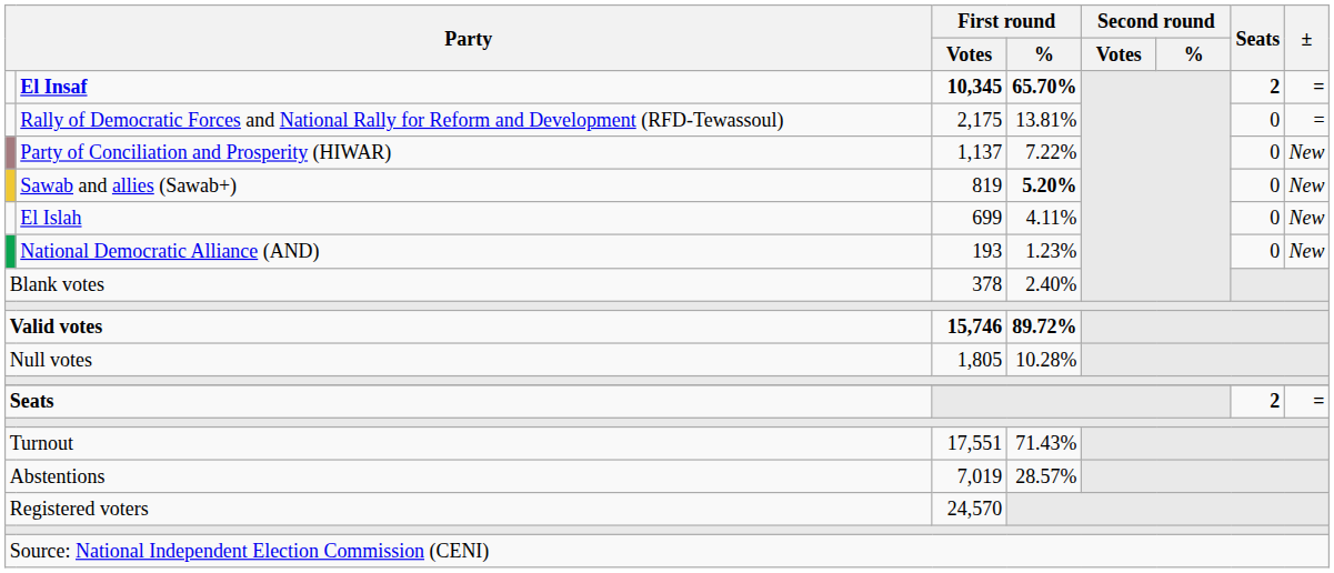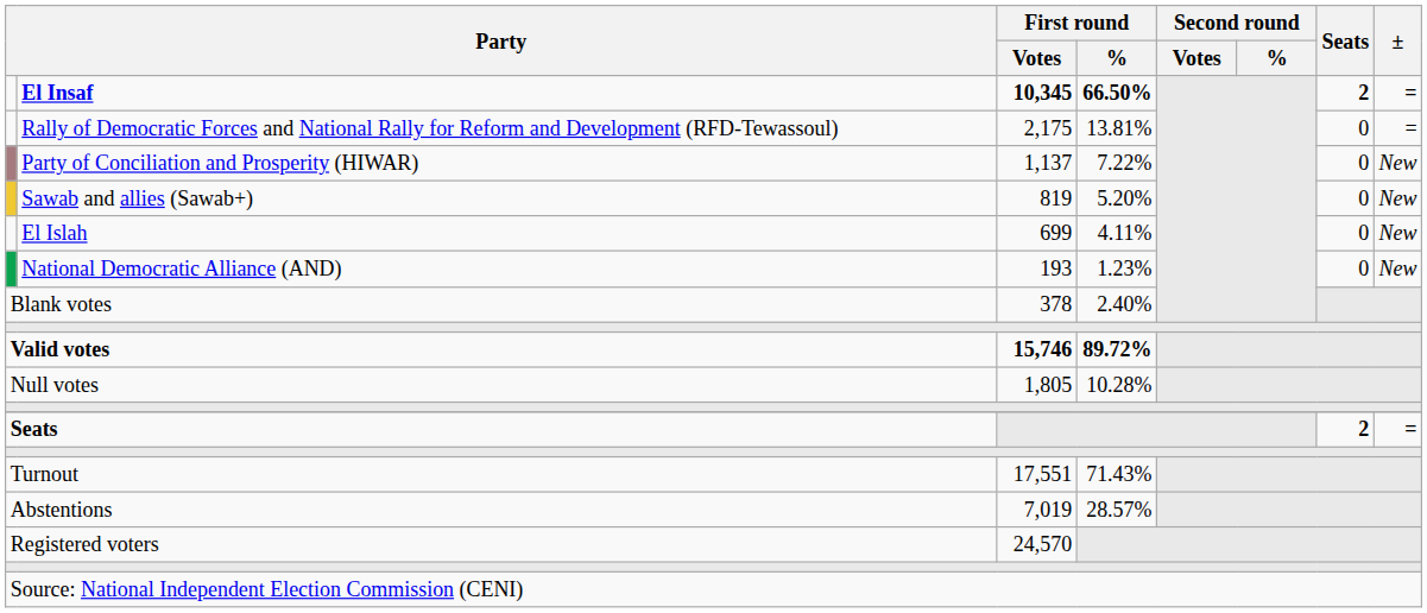 <table class="wikitable" style="text-align:right;font-size:95%;">
 <tr>
 <th rowspan="2" colspan="2" width="700">Party</th>
 <th colspan="2">First round</th>
 <th colspan="2">Second round</th>
 <th rowspan="2" width="25">Seats</th>
 <th rowspan="2" width="20">±</th>
 </tr>
 <tr>
 <th width="50">Votes</th>
 <th width="50">%</th>
 <th width="50">Votes</th>
 <th width="50">%</th>
 </tr>
 <tr>
 <td width="1" style="color:inherit;background:"></td>
 <td style="text-align:left;"><strong><a href='#'>El Insaf</a></strong></td>
 <td><strong>10,345</strong></td>
-<td><strong>65.70%</strong></td>
+<td><strong>66.50%</strong></td>
 <td colspan="2" rowspan="7" style="background:#E9E9E9;"></td>
 <td><strong>2</strong></td>
 <td><strong>=</strong></td>
 </tr>
 <tr>
 <td width="1" style="color:inherit;background:"></td>
 <td style="text-align:left;"><a href='#'>Rally of Democratic Forces</a> and <a href='#'>National Rally for Reform and Development</a> (RFD-Tewassoul)</td>
 <td>2,175</td>
 <td>13.81%</td>
 <td>0</td>
 <td>=</td>
 </tr>
 <tr>
 <td width="1" style="color:inherit;background:#A47A7E;"></td>
 <td style="text-align:left;"><a href='#'>Party of Conciliation and Prosperity</a> (HIWAR)</td>
 <td>1,137</td>
 <td>7.22%</td>
 <td>0</td>
 <td><em>New</em></td>
 </tr>
 <tr>
 <td width="1" style="color:inherit;background:#F0C832;"></td>
 <td style="text-align:left;"><a href='#'>Sawab</a> and <a href='#'>allies</a> (Sawab+)</td>
 <td>819</td>
-<td><strong>5.20%</strong></td>
+<td>5.20%</td>
 <td>0</td>
 <td><em>New</em></td>
 </tr>
 <tr>
 <td width="1" style="color:inherit;background:"></td>
 <td style="text-align:left;"><a href='#'>El Islah</a></td>
 <td>699</td>
 <td>4.11%</td>
 <td>0</td>
 <td><em>New</em></td>
 </tr>
 <tr>
 <td width="1" style="color:inherit;background:#0AA450;"></td>
 <td style="text-align:left;"><a href='#'>National Democratic Alliance</a> (AND)</td>
 <td>193</td>
 <td>1.23%</td>
 <td>0</td>
 <td><em>New</em></td>
 </tr>
 <tr>
 <td colspan="2" style="text-align:left;">Blank votes</td>
 <td>378</td>
 <td>2.40%</td>
 <td colspan="4" style="background:#E9E9E9;"></td>
 </tr>
 <tr>
 <td colspan="8" style="background:#E9E9E9;"></td>
 </tr>
 <tr style="font-weight:bold;">
 <td colspan="2" style="text-align:left;">Valid votes</td>
 <td>15,746</td>
 <td>89.72%</td>
 <td colspan="4" style="background:#E9E9E9;"></td>
 </tr>
 <tr>
 <td colspan="2" style="text-align:left;">Null votes</td>
 <td>1,805</td>
 <td>10.28%</td>
 <td colspan="4" style="background:#E9E9E9;"></td>
 </tr>
 <tr>
 <td colspan="8" style="background:#E9E9E9;"></td>
 </tr>
 <tr>
 </tr>
 <tr style="font-weight:bold;">
 <td colspan="2" style="text-align:left;">Seats</td>
 <td colspan="4" style="background:#E9E9E9;"></td>
 <td>2</td>
 <td>=</td>
 </tr>
 <tr>
 <td colspan="8" style="background:#E9E9E9;"></td>
 </tr>
 <tr>
 <td colspan="2" style="text-align:left;">Turnout</td>
 <td>17,551</td>
 <td>71.43%</td>
 <td colspan="4" style="background:#E9E9E9;"></td>
 </tr>
 <tr>
 <td colspan="2" style="text-align:left;">Abstentions</td>
 <td>7,019</td>
 <td>28.57%</td>
 <td colspan="4" style="background:#E9E9E9;"></td>
 </tr>
 <tr>
 <td colspan="2" style="text-align:left;">Registered voters</td>
 <td>24,570</td>
 <td colspan="5" style="background:#E9E9E9;"></td>
 </tr>
 <tr>
 <td colspan="8" style="background:#E9E9E9;"></td>
 </tr>
 <tr>
 <td colspan="8" style="text-align:left;">Source: <a href='#'>National Independent Election Commission</a> (CENI)</td>
 </tr>
 </table>
